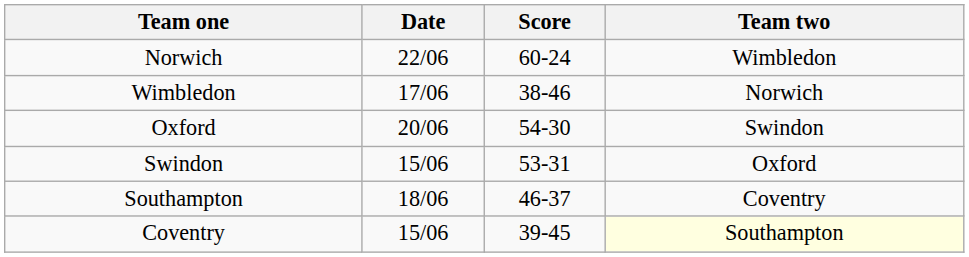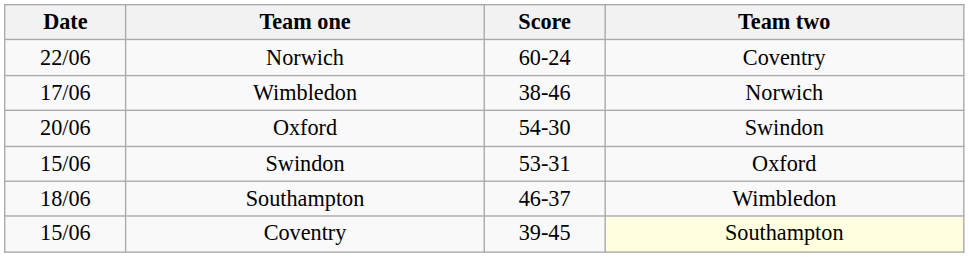 <table class="wikitable" style="text-align: center">
 <tr>
+<th width=80>Date</th>
 <th width=250>Team one</th>
-<th width=80>Date</th>
 <th width=80>Score</th>
 <th width=250>Team two</th>
 </tr>
 <tr>
+<td>22/06</td>
 <td>Norwich</td>
-<td>22/06</td>
 <td>60-24</td>
-<td>Wimbledon</td>
+<td>Coventry</td>
 </tr>
 <tr>
+<td>17/06</td>
 <td>Wimbledon</td>
-<td>17/06</td>
 <td>38-46</td>
 <td>Norwich</td>
 </tr>
 <tr>
+<td>20/06</td>
 <td>Oxford</td>
-<td>20/06</td>
 <td>54-30</td>
 <td>Swindon</td>
 </tr>
 <tr>
+<td>15/06</td>
 <td>Swindon</td>
-<td>15/06</td>
 <td>53-31</td>
 <td>Oxford</td>
 </tr>
 <tr>
+<td>18/06</td>
 <td>Southampton</td>
-<td>18/06</td>
 <td>46-37</td>
-<td>Coventry</td>
+<td>Wimbledon</td>
 </tr>
 <tr>
+<td>15/06</td>
 <td>Coventry</td>
-<td>15/06</td>
 <td>39-45</td>
 <td style="background: lightyellow;">Southampton</td>
 </tr>
 </table>
